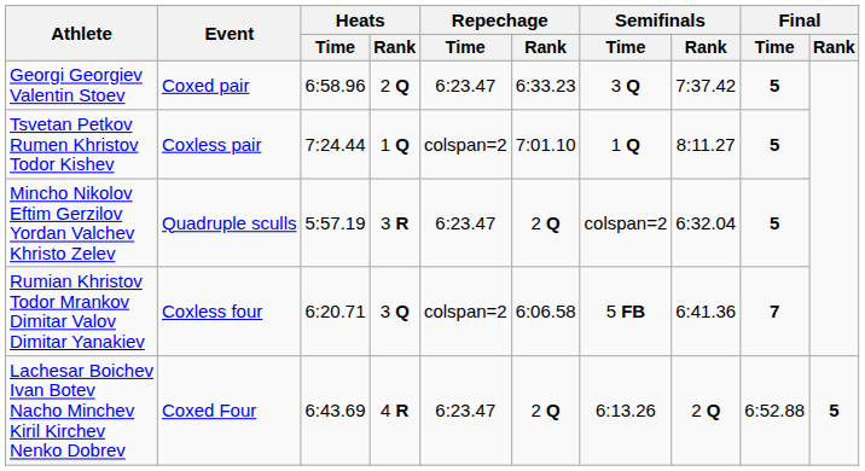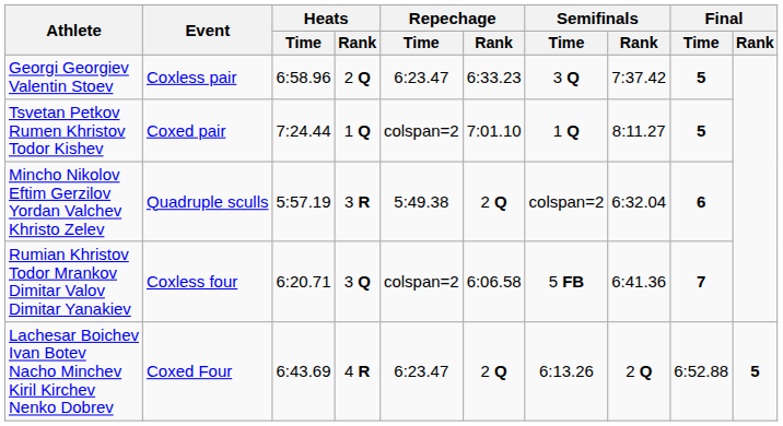 <table class="wikitable" style="font-size:90%; text-align:center;">
 <tr>
 <th rowspan="2">Athlete</th>
 <th rowspan="2">Event</th>
 <th colspan="2">Heats</th>
 <th colspan="2">Repechage</th>
 <th colspan="2">Semifinals</th>
 <th colspan="2">Final</th>
 </tr>
 <tr style="font-size:95%">
 <th>Time</th>
 <th>Rank</th>
 <th>Time</th>
 <th>Rank</th>
 <th>Time</th>
 <th>Rank</th>
 <th>Time</th>
 <th>Rank</th>
 </tr>
 <tr>
 <td align=left><a href='#'>Georgi Georgiev</a><br><a href='#'>Valentin Stoev</a></td>
-<td align=left><a href='#'>Coxed pair</a></td>
+<td align=left><a href='#'>Coxless pair</a></td>
 <td>6:58.96</td>
 <td>2 <strong>Q</strong></td>
 <td>6:23.47</td>
 <td>6:33.23</td>
 <td>3 <strong>Q</strong></td>
 <td>7:37.42</td>
 <td><strong>5</strong></td>
 </tr>
 <tr>
 <td align=left><a href='#'>Tsvetan Petkov</a><br><a href='#'>Rumen Khristov</a><br><a href='#'>Todor Kishev</a></td>
-<td align=left><a href='#'>Coxless pair</a></td>
+<td align=left><a href='#'>Coxed pair</a></td>
 <td>7:24.44</td>
 <td>1 <strong>Q</strong></td>
 <td>colspan=2 </td>
 <td>7:01.10</td>
 <td>1 <strong>Q</strong></td>
 <td>8:11.27</td>
 <td><strong>5</strong></td>
 </tr>
 <tr>
 <td align=left><a href='#'>Mincho Nikolov</a><br><a href='#'>Eftim Gerzilov</a><br><a href='#'>Yordan Valchev</a><br><a href='#'>Khristo Zelev</a></td>
 <td align=left><a href='#'>Quadruple sculls</a></td>
 <td>5:57.19</td>
 <td>3 <strong>R</strong></td>
-<td>6:23.47</td>
+<td>5:49.38</td>
 <td>2 <strong>Q</strong></td>
 <td>colspan=2 </td>
 <td>6:32.04</td>
-<td><strong>5</strong></td>
+<td><strong>6</strong></td>
 </tr>
 <tr>
 <td align=left><a href='#'>Rumian Khristov</a><br><a href='#'>Todor Mrankov</a><br><a href='#'>Dimitar Valov</a><br><a href='#'>Dimitar Yanakiev</a></td>
 <td align=left><a href='#'>Coxless four</a></td>
 <td>6:20.71</td>
 <td>3 <strong>Q</strong></td>
 <td>colspan=2 </td>
 <td>6:06.58</td>
 <td>5 <strong>FB</strong></td>
 <td>6:41.36</td>
 <td><strong>7</strong></td>
 </tr>
 <tr>
 <td align=left><a href='#'>Lachesar Boichev</a><br><a href='#'>Ivan Botev</a><br><a href='#'>Nacho Minchev</a><br><a href='#'>Kiril Kirchev</a><br><a href='#'>Nenko Dobrev</a></td>
 <td align=left><a href='#'>Coxed Four</a></td>
 <td>6:43.69</td>
 <td>4 <strong>R</strong></td>
 <td>6:23.47</td>
 <td>2 <strong>Q</strong></td>
 <td>6:13.26</td>
 <td>2 <strong>Q</strong></td>
 <td>6:52.88</td>
 <td><strong>5</strong></td>
 </tr>
 </table>
